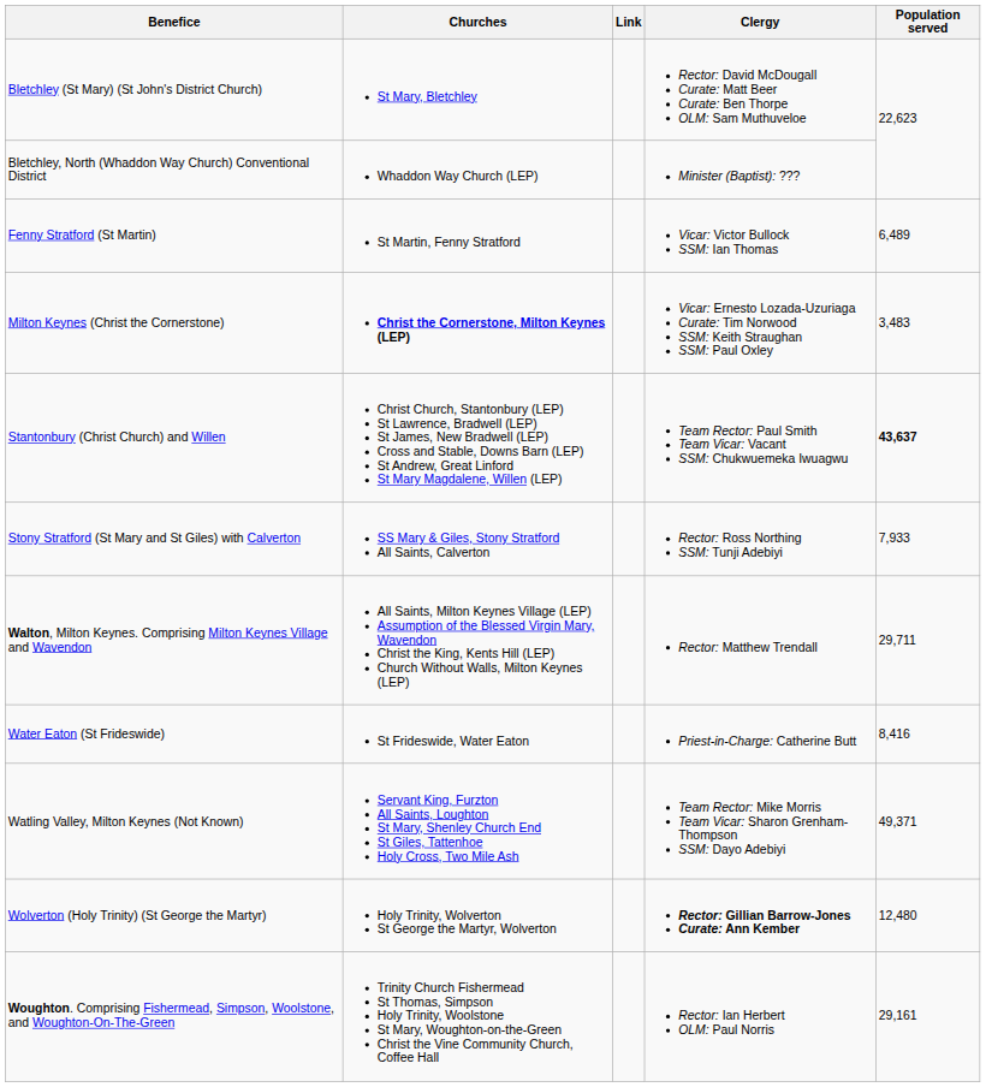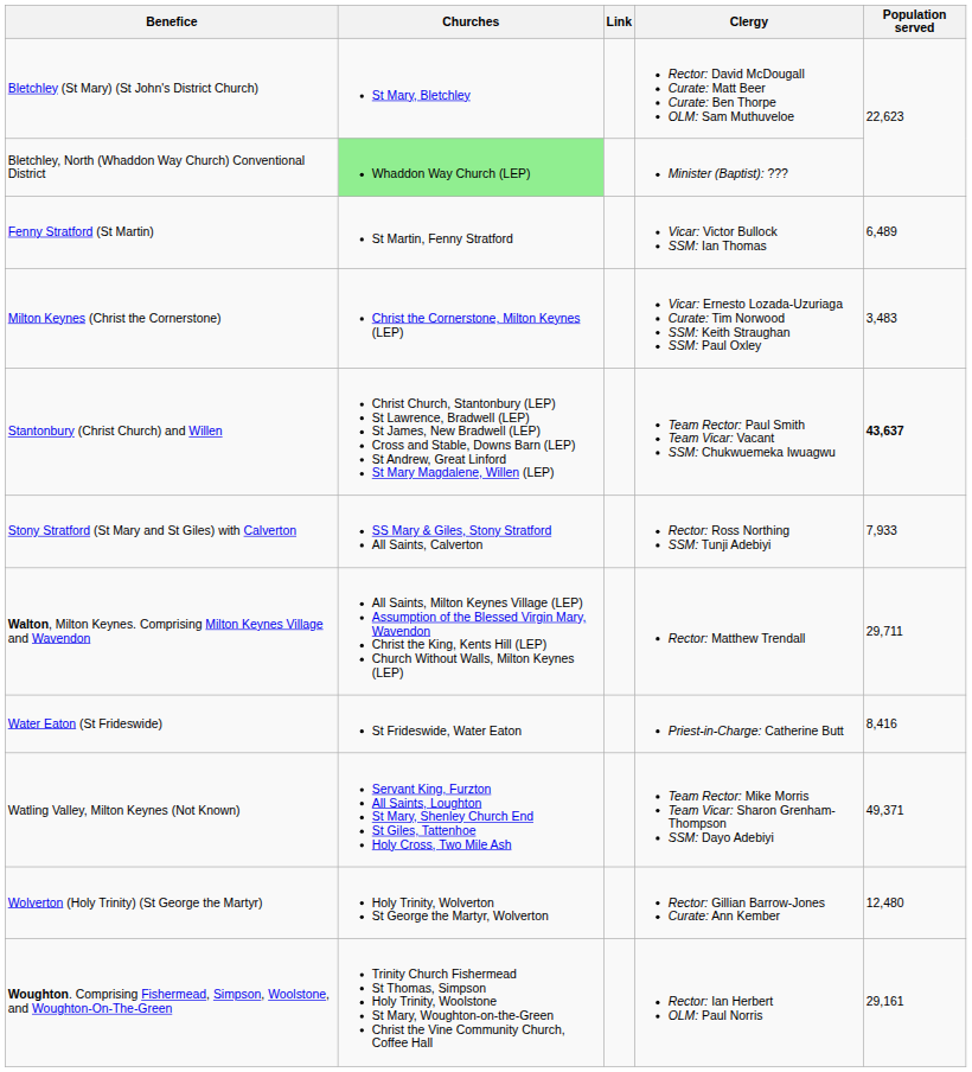 <table class="wikitable">
 <tr>
 <th width="425">Benefice</th>
 <th>Churches</th>
 <th>Link</th>
 <th>Clergy</th>
 <th>Population served</th>
 </tr>
 <tr>
 <td><a href='#'>Bletchley</a> (St Mary) (St John's District Church)</td>
 <td><br><ul><li><a href='#'>St Mary, Bletchley</a></li></ul></td>
 <td></td>
 <td><br><ul><li><em>Rector:</em> David McDougall</li><li><em>Curate:</em> Matt Beer</li><li><em>Curate:</em> Ben Thorpe</li><li><em>OLM:</em> Sam Muthuveloe</li></ul></td>
 <td rowspan="2">22,623</td>
 </tr>
 <tr>
 <td>Bletchley, North (Whaddon Way Church) Conventional District</td>
-<td><br><ul><li>Whaddon Way Church (LEP)</li></ul></td>
+<td style="background: lightgreen;"><br><ul><li>Whaddon Way Church (LEP)</li></ul></td>
 <td></td>
 <td><br><ul><li><em>Minister (Baptist):</em> ???</li></ul></td>
 </tr>
 <tr>
 <td><a href='#'>Fenny Stratford</a> (St Martin)</td>
 <td><br><ul><li>St Martin, Fenny Stratford</li></ul></td>
 <td></td>
 <td><br><ul><li><em>Vicar:</em> Victor Bullock</li><li><em>SSM:</em> Ian Thomas</li></ul></td>
 <td>6,489</td>
 </tr>
 <tr>
 <td><a href='#'>Milton Keynes</a> (Christ the Cornerstone)</td>
-<td><strong><br><ul><li><a href='#'>Christ the Cornerstone, Milton Keynes</a> (LEP)</li></ul></strong></td>
+<td><br><ul><li><a href='#'>Christ the Cornerstone, Milton Keynes</a> (LEP)</li></ul></td>
 <td></td>
 <td><br><ul><li><em>Vicar:</em> Ernesto Lozada-Uzuriaga</li><li><em>Curate:</em> Tim Norwood</li><li><em>SSM:</em> Keith Straughan</li><li><em>SSM:</em> Paul Oxley</li></ul></td>
 <td>3,483</td>
 </tr>
 <tr>
 <td><a href='#'>Stantonbury</a> (Christ Church) and <a href='#'>Willen</a></td>
 <td><br><ul><li>Christ Church, Stantonbury (LEP) </li><li>St Lawrence, Bradwell (LEP) </li><li>St James, New Bradwell (LEP) </li><li>Cross and Stable, Downs Barn (LEP) </li><li>St Andrew, Great Linford</li><li><a href='#'>St Mary Magdalene, Willen</a> (LEP) </li></ul></td>
 <td></td>
 <td><br><ul><li><em>Team Rector:</em> Paul Smith</li><li><em>Team Vicar:</em> Vacant</li><li><em>SSM:</em> Chukwuemeka Iwuagwu</li></ul></td>
 <td><strong>43,637</strong></td>
 </tr>
 <tr>
 <td><a href='#'>Stony Stratford</a> (St Mary and St Giles) with <a href='#'>Calverton</a></td>
 <td><br><ul><li><a href='#'>SS Mary & Giles, Stony Stratford</a></li><li>All Saints, Calverton</li></ul></td>
 <td></td>
 <td><br><ul><li><em>Rector:</em> Ross Northing</li><li><em>SSM:</em> Tunji Adebiyi</li></ul></td>
 <td>7,933</td>
 </tr>
 <tr>
 <td><strong>Walton</strong>, Milton Keynes. Comprising <a href='#'>Milton Keynes Village</a> and <a href='#'>Wavendon</a></td>
 <td><br><ul><li>All Saints, Milton Keynes Village (LEP) </li><li><a href='#'>Assumption of the Blessed Virgin Mary, Wavendon</a> </li><li>Christ the King, Kents Hill (LEP) </li><li>Church Without Walls, Milton Keynes (LEP) </li></ul></td>
 <td></td>
 <td><br><ul><li><em>Rector:</em> Matthew Trendall</li></ul></td>
 <td>29,711</td>
 </tr>
 <tr>
 <td><a href='#'>Water Eaton</a> (St Frideswide)</td>
 <td><br><ul><li>St Frideswide, Water Eaton</li></ul></td>
 <td></td>
 <td><br><ul><li><em>Priest-in-Charge:</em> Catherine Butt</li></ul></td>
 <td>8,416</td>
 </tr>
 <tr>
 <td>Watling Valley, Milton Keynes (Not Known)</td>
 <td><br><ul><li><a href='#'>Servant King, Furzton</a></li><li><a href='#'>All Saints, Loughton</a></li><li><a href='#'>St Mary, Shenley Church End</a></li><li><a href='#'>St Giles, Tattenhoe</a></li><li><a href='#'>Holy Cross, Two Mile Ash</a></li></ul></td>
 <td></td>
 <td><br><ul><li><em>Team Rector:</em> Mike Morris</li><li><em>Team Vicar:</em> Sharon Grenham-Thompson</li><li><em>SSM:</em> Dayo Adebiyi</li></ul></td>
 <td>49,371</td>
 </tr>
 <tr>
 <td><a href='#'>Wolverton</a> (Holy Trinity) (St George the Martyr)</td>
 <td><br><ul><li>Holy Trinity, Wolverton</li><li>St George the Martyr, Wolverton</li></ul></td>
 <td></td>
-<td><strong><br><ul><li><em>Rector:</em> Gillian Barrow-Jones</li><li><em>Curate:</em> Ann Kember</li></ul></strong></td>
+<td><br><ul><li><em>Rector:</em> Gillian Barrow-Jones</li><li><em>Curate:</em> Ann Kember</li></ul></td>
 <td>12,480</td>
 </tr>
 <tr>
 <td><strong>Woughton</strong>. Comprising <a href='#'>Fishermead</a>, <a href='#'>Simpson</a>, <a href='#'>Woolstone</a>, and <a href='#'>Woughton-On-The-Green</a></td>
 <td><br><ul><li>Trinity Church Fishermead</li><li>St Thomas, Simpson</li><li>Holy Trinity, Woolstone</li><li>St Mary, Woughton-on-the-Green</li><li>Christ the Vine Community Church, Coffee Hall</li></ul></td>
 <td></td>
 <td><br><ul><li><em>Rector:</em> Ian Herbert</li><li><em>OLM:</em> Paul Norris</li></ul></td>
 <td>29,161</td>
 </tr>
 </table>
